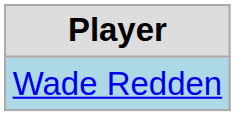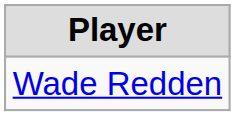 <table class="wikitable">
 <tr style="text-align:center; background:#ddd;">
 <td><strong>Player</strong></td>
 </tr>
 <tr>
-<td style="background: lightblue;"><a href='#'>Wade Redden</a></td>
+<td><a href='#'>Wade Redden</a></td>
 </tr>
 </table>
